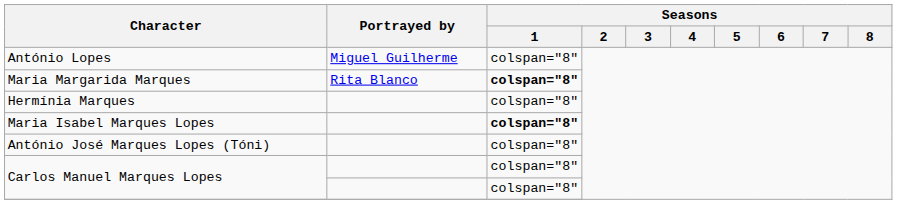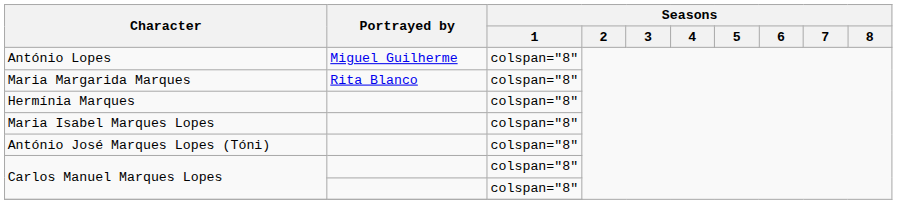 <table class="wikitable">
 <tr>
 <th rowspan="2">Character</th>
 <th rowspan="2">Portrayed by</th>
 <th colspan="8">Seasons</th>
 </tr>
 <tr>
 <th style="width:5%;">1</th>
 <th style="width:5%;">2</th>
 <th style="width:5%;">3</th>
 <th style="width:5%;">4</th>
 <th style="width:5%;">5</th>
 <th style="width:5%;">6</th>
 <th style="width:5%;">7</th>
 <th style="width:5%;">8</th>
 </tr>
 <tr>
 <td>António Lopes</td>
 <td><a href='#'>Miguel Guilherme</a></td>
 <td>colspan="8" </td>
 </tr>
 <tr>
 <td>Maria Margarida Marques</td>
 <td><a href='#'>Rita Blanco</a></td>
-<td><strong>colspan="8" </strong></td>
+<td>colspan="8" </td>
 </tr>
 <tr>
 <td>Hermínia Marques</td>
 <td></td>
 <td>colspan="8" </td>
 </tr>
 <tr>
 <td>Maria Isabel Marques Lopes</td>
 <td></td>
-<td><strong>colspan="8" </strong></td>
+<td>colspan="8" </td>
 </tr>
 <tr>
 <td>António José Marques Lopes (Tóni)</td>
 <td></td>
 <td>colspan="8" </td>
 </tr>
 <tr>
 <td rowspan = 2>Carlos Manuel Marques Lopes</td>
 <td></td>
 <td>colspan="8" </td>
 </tr>
 <tr>
 <td></td>
 <td>colspan="8" </td>
 </tr>
 <tr>
 </tr>
 </table>
